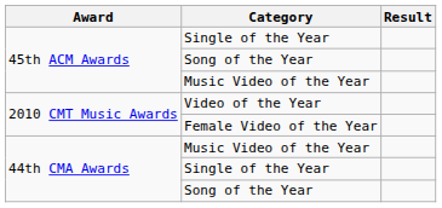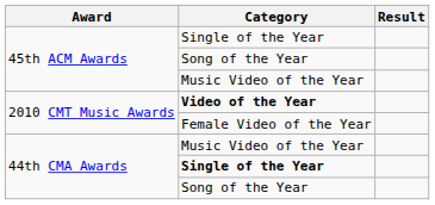 <table class="wikitable">
 <tr>
 <th>Award</th>
 <th>Category</th>
 <th>Result</th>
 </tr>
 <tr>
 <td rowspan="3">45th <a href='#'>ACM Awards</a></td>
 <td>Single of the Year</td>
 <td></td>
 </tr>
 <tr>
 <td>Song of the Year</td>
 <td></td>
 </tr>
 <tr>
 <td>Music Video of the Year</td>
 <td></td>
 </tr>
 <tr>
 <td rowspan="2">2010 <a href='#'>CMT Music Awards</a></td>
-<td>Video of the Year</td>
+<td><strong>Video of the Year</strong></td>
 <td></td>
 </tr>
 <tr>
 <td>Female Video of the Year</td>
 <td></td>
 </tr>
 <tr>
 <td rowspan="3">44th <a href='#'>CMA Awards</a></td>
 <td>Music Video of the Year</td>
 <td></td>
 </tr>
 <tr>
-<td>Single of the Year</td>
+<td><strong>Single of the Year</strong></td>
 <td></td>
 </tr>
 <tr>
 <td>Song of the Year</td>
 <td></td>
 </tr>
 </table>
